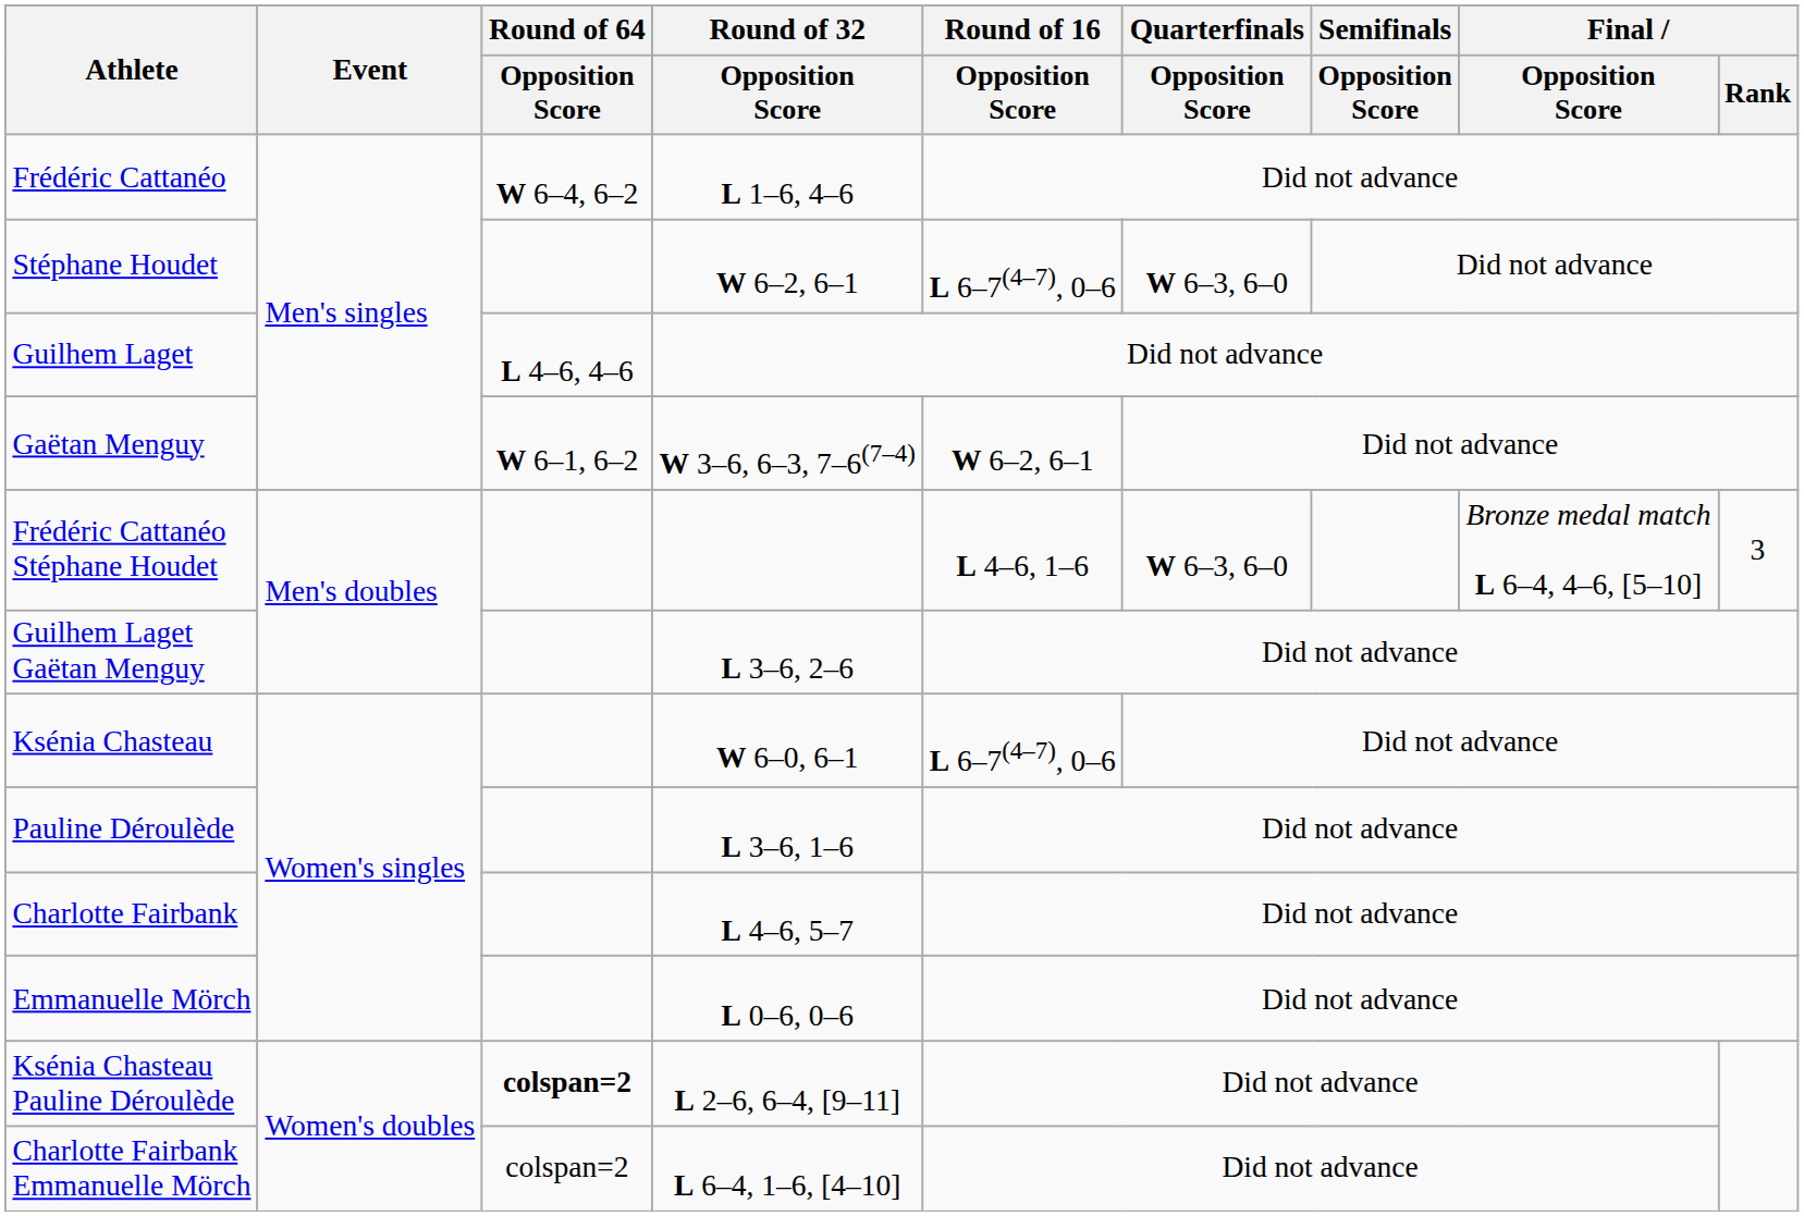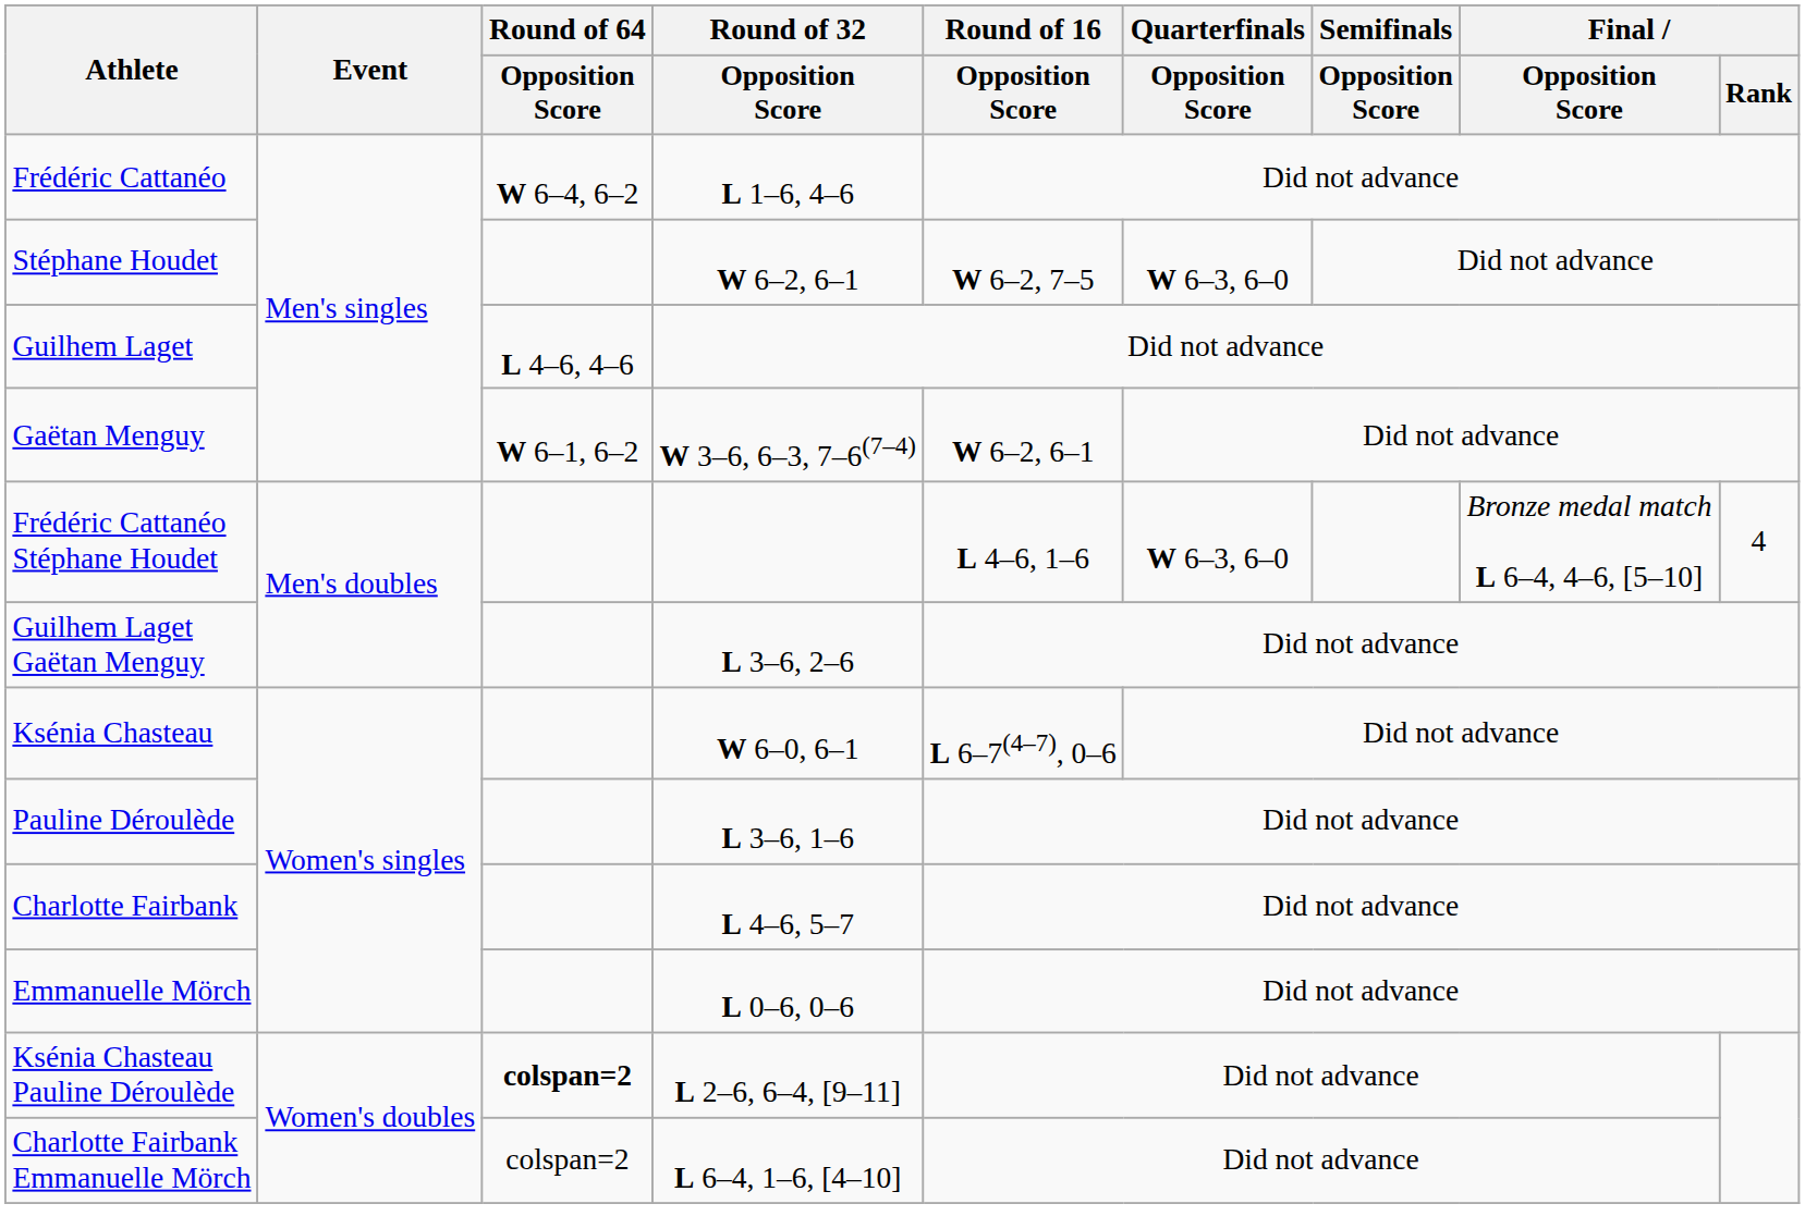 <table class=wikitable style="font-size:90%">
 <tr>
 <th rowspan="2">Athlete</th>
 <th rowspan="2">Event</th>
 <th>Round of 64</th>
 <th>Round of 32</th>
 <th>Round of 16</th>
 <th>Quarterfinals</th>
 <th>Semifinals</th>
 <th colspan=2>Final / </th>
 </tr>
 <tr style="font-size:95%">
 <th>Opposition<br>Score</th>
 <th>Opposition<br>Score</th>
 <th>Opposition<br>Score</th>
 <th>Opposition<br>Score</th>
 <th>Opposition<br>Score</th>
 <th>Opposition<br>Score</th>
 <th>Rank</th>
 </tr>
 <tr align=center>
 <td align=left><a href='#'>Frédéric Cattanéo</a></td>
 <td align=left rowspan=4><a href='#'>Men's singles</a></td>
 <td><br><strong>W</strong> 6–4, 6–2</td>
 <td><br><strong>L</strong> 1–6, 4–6</td>
 <td colspan=5>Did not advance</td>
 </tr>
 <tr align=center>
 <td align=left><a href='#'>Stéphane Houdet</a></td>
 <td></td>
 <td><br><strong>W</strong> 6–2, 6–1</td>
-<td><br><strong>L</strong> 6–7<sup>(4–7)</sup>, 0–6</td>
+<td><br><strong>W</strong> 6–2, 7–5</td>
 <td><br><strong>W</strong> 6–3, 6–0</td>
 <td colspan=3>Did not advance</td>
 </tr>
 <tr align=center>
 <td align=left><a href='#'>Guilhem Laget</a></td>
 <td><br><strong>L</strong> 4–6, 4–6</td>
 <td colspan=6>Did not advance</td>
 </tr>
 <tr align=center>
 <td align=left><a href='#'>Gaëtan Menguy</a></td>
 <td><br><strong>W</strong> 6–1, 6–2</td>
 <td><br><strong>W</strong> 3–6, 6–3, 7–6<sup>(7–4)</sup></td>
 <td><br><strong>W</strong> 6–2, 6–1</td>
 <td colspan=4>Did not advance</td>
 </tr>
 <tr align=center>
 <td align=left><a href='#'>Frédéric Cattanéo</a><br><a href='#'>Stéphane Houdet</a></td>
 <td align=left rowspan=2><a href='#'>Men's doubles</a></td>
 <td></td>
 <td></td>
 <td><br><strong>L</strong> 4–6, 1–6</td>
 <td><br><strong>W</strong> 6–3, 6–0</td>
 <td><br></td>
 <td><em>Bronze medal match</em><br><br><strong>L</strong> 6–4, 4–6, [5–10]</td>
-<td>3</td>
+<td>4</td>
 </tr>
 <tr align=center>
 <td align=left><a href='#'>Guilhem Laget</a><br><a href='#'>Gaëtan Menguy</a></td>
 <td></td>
 <td><br><strong>L</strong> 3–6, 2–6</td>
 <td colspan=5>Did not advance</td>
 </tr>
 <tr align=center>
 <td align=left><a href='#'>Ksénia Chasteau</a></td>
 <td align=left rowspan=4><a href='#'>Women's singles</a></td>
 <td></td>
 <td><br><strong>W</strong> 6–0, 6–1</td>
 <td><br><strong>L</strong> 6–7<sup>(4–7)</sup>, 0–6</td>
 <td colspan=4>Did not advance</td>
 </tr>
 <tr align=center>
 <td align=left><a href='#'>Pauline Déroulède</a></td>
 <td></td>
 <td><br><strong>L</strong> 3–6, 1–6</td>
 <td colspan=5>Did not advance</td>
 </tr>
 <tr align=center>
 <td align=left><a href='#'>Charlotte Fairbank</a></td>
 <td></td>
 <td><br><strong>L</strong> 4–6, 5–7</td>
 <td colspan=5>Did not advance</td>
 </tr>
 <tr align=center>
 <td align=left><a href='#'>Emmanuelle Mörch</a></td>
 <td></td>
 <td><br><strong>L</strong> 0–6, 0–6</td>
 <td colspan=5>Did not advance</td>
 </tr>
 <tr align=center>
 <td align=left><a href='#'>Ksénia Chasteau</a><br><a href='#'>Pauline Déroulède</a></td>
 <td align=left rowspan=2><a href='#'>Women's doubles</a></td>
 <td><strong>colspan=2 </strong></td>
 <td><br><strong>L</strong> 2–6, 6–4, [9–11]</td>
 <td colspan=4>Did not advance</td>
 </tr>
 <tr align=center>
 <td align=left><a href='#'>Charlotte Fairbank</a><br><a href='#'>Emmanuelle Mörch</a></td>
 <td>colspan=2 </td>
 <td><br><strong>L</strong> 6–4, 1–6, [4–10]</td>
 <td colspan=4>Did not advance</td>
 </tr>
 </table>
